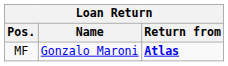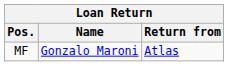 <table class="wikitable" style="font-size:95%;">
 <tr>
 <th colspan="5">Loan Return</th>
 </tr>
 <tr>
 <th>Pos.</th>
 <th>Name</th>
 <th>Return from</th>
 </tr>
 <tr>
 <td align="center">MF</td>
 <td> <a href='#'>Gonzalo Maroni</a></td>
-<td><strong> <a href='#'>Atlas</a></strong></td>
+<td> <a href='#'>Atlas</a></td>
 </tr>
 </table>
